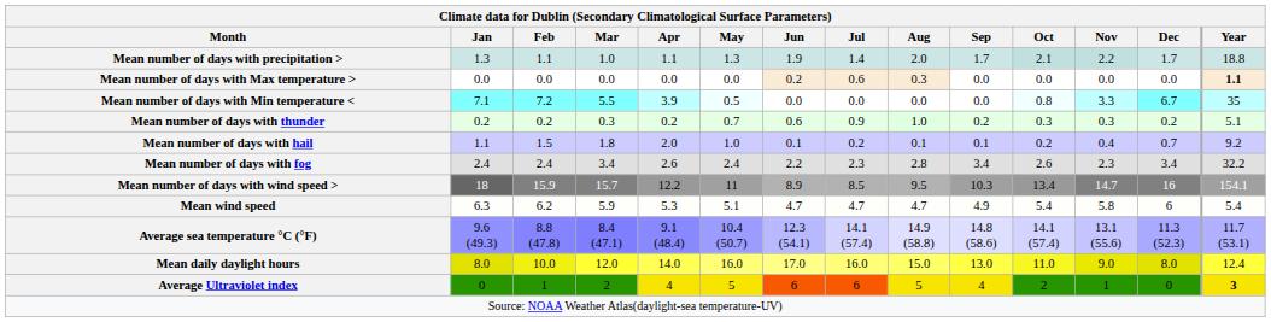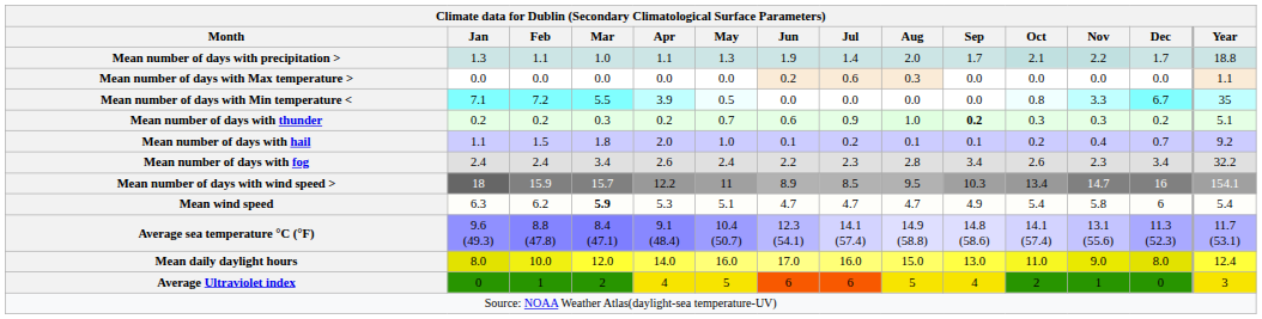 <table class="wikitable mw-collapsible" style="width:100%;text-align:center;line-height:1.2em;margin-left:auto;margin-right:auto">
 <tr>
 <th colspan="14">Climate data for Dublin (Secondary Climatological Surface Parameters)</th>
 </tr>
 <tr>
 <th>Month</th>
 <th>Jan</th>
 <th>Feb</th>
 <th>Mar</th>
 <th>Apr</th>
 <th>May</th>
 <th>Jun</th>
 <th>Jul</th>
 <th>Aug</th>
 <th>Sep</th>
 <th>Oct</th>
 <th>Nov</th>
 <th>Dec</th>
 <th style="border-left-width:medium">Year</th>
 </tr>
 <tr>
 <th>Mean number of days with precipitation > </th>
 <td style="background:#CCE5E5;color:#000000;">1.3</td>
 <td style="background:#CCE5E5;color:#000000;">1.1</td>
 <td style="background:#CCE5E5;color:#000000;">1.0</td>
 <td style="background:#CCE5E5;color:#000000;">1.1</td>
 <td style="background:#CCE5E5;color:#000000;">1.3</td>
 <td style="background:#CCE5E5;color:#000000;">1.9</td>
 <td style="background:#CCE5E5;color:#000000;">1.4</td>
 <td style="background:#CCE5E5;color:#000000;">2.0</td>
 <td style="background:#CCE5E5;color:#000000;">1.7</td>
 <td style="background:#C0E0E0;color:#000000;">2.1</td>
 <td style="background:#C0E0E0;color:#000000;">2.2</td>
 <td style="background:#CCE5E5;color:#000000;">1.7</td>
 <td style="background:#CCE5E5;color:#000000;border-left-width:medium">18.8</td>
 </tr>
 <tr>
 <th>Mean number of days with Max temperature > </th>
 <td style="background:#ffffff;color:#000000;">0.0</td>
 <td style="background:#ffffff;color:#000000;">0.0</td>
 <td style="background:#ffffff;color:#000000;">0.0</td>
 <td style="background:#ffffff;color:#000000;">0.0</td>
 <td style="background:#ffffff;color:#000000;">0.0</td>
 <td style="background:#FAEBD7;color:#000000;">0.2</td>
 <td style="background:#FAEBD7;color:#000000;">0.6</td>
 <td style="background:#FAEBD7;color:#000000;">0.3</td>
 <td style="background:#ffffff;color:#000000;">0.0</td>
 <td style="background:#ffffff;color:#000000;">0.0</td>
 <td style="background:#ffffff;color:#000000;">0.0</td>
 <td style="background:#ffffff;color:#000000;">0.0</td>
-<td style="background:#FAEBD7;color:#000000;border-left-width:medium"><strong>1.1</strong></td>
+<td style="background:#FAEBD7;color:#000000;border-left-width:medium">1.1</td>
 </tr>
 <tr>
 <th>Mean number of days with Min temperature < </th>
 <td style="background:#80FFFF;color:#000000;">7.1</td>
 <td style="background:#80FFFF;color:#000000;">7.2</td>
 <td style="background:#80FFFF;color:#000000;">5.5</td>
 <td style="background:#C0FFFF;color:#000000;">3.9</td>
 <td style="background:#F0FFFF;color:#000000;">0.5</td>
 <td style="background:#FFFFFF;color:#000000;">0.0</td>
 <td style="background:#FFFFFF;color:#000000;">0.0</td>
 <td style="background:#FFFFFF;color:#000000;">0.0</td>
 <td style="background:#FFFFFF;color:#000000;">0.0</td>
 <td style="background:#F0FFFF;color:#000000;">0.8</td>
 <td style="background:#C0FFFF;color:#000000;">3.3</td>
 <td style="background:#80FFFF;color:#000000;">6.7</td>
 <td style="background:#C0FFFF;color:#000000;border-left-width:medium">35</td>
 </tr>
 <tr>
 <th>Mean number of days with <a href='#'>thunder</a></th>
 <td style="background:#E5FFE5;color:#000000;">0.2</td>
 <td style="background:#E5FFE5;color:#000000;">0.2</td>
 <td style="background:#E5FFE5;color:#000000;">0.3</td>
 <td style="background:#E5FFE5;color:#000000;">0.2</td>
 <td style="background:#E5FFE5;color:#000000;">0.7</td>
 <td style="background:#E5FFE5;color:#000000;">0.6</td>
 <td style="background:#E5FFE5;color:#000000;">0.9</td>
 <td style="background:#E0FFE0;color:#000000;">1.0</td>
-<td style="background:#E5FFE5;color:#000000;">0.2</td>
+<td style="background:#E5FFE5;color:#000000;"><strong>0.2</strong></td>
 <td style="background:#E5FFE5;color:#000000;">0.3</td>
 <td style="background:#E5FFE5;color:#000000;">0.3</td>
 <td style="background:#E5FFE5;color:#000000;">0.2</td>
 <td style="background:#E5FFE5;color:#000000;border-left-width:medium">5.1</td>
 </tr>
 <tr>
 <th>Mean number of days with <a href='#'>hail</a></th>
 <td style="background:#CCCCFF;color:#000000;">1.1</td>
 <td style="background:#CCCCFF;color:#000000;">1.5</td>
 <td style="background:#CCCCFF;color:#000000;">1.8</td>
 <td style="background:#CCCCFF;color:#000000;">2.0</td>
 <td style="background:#CCCCFF;color:#000000;">1.0</td>
 <td style="background:#CCCCFF;color:#000000;">0.1</td>
 <td style="background:#CCCCFF;color:#000000;">0.2</td>
 <td style="background:#CCCCFF;color:#000000;">0.1</td>
 <td style="background:#CCCCFF;color:#000000;">0.1</td>
 <td style="background:#CCCCFF;color:#000000;">0.2</td>
 <td style="background:#CCCCFF;color:#000000;">0.4</td>
 <td style="background:#CCCCFF;color:#000000;">0.7</td>
 <td style="background:#CCCCFF;color:#000000;border-left-width:medium">9.2</td>
 </tr>
 <tr>
 <th>Mean number of days with <a href='#'>fog</a></th>
 <td style="background:#E0E0E0;color:#000000;">2.4</td>
 <td style="background:#E0E0E0;color:#000000;">2.4</td>
 <td style="background:#E0E0E0;color:#000000;">3.4</td>
 <td style="background:#E0E0E0;color:#000000;">2.6</td>
 <td style="background:#E0E0E0;color:#000000;">2.4</td>
 <td style="background:#E0E0E0;color:#000000;">2.2</td>
 <td style="background:#E0E0E0;color:#000000;">2.3</td>
 <td style="background:#E0E0E0;color:#000000;">2.8</td>
 <td style="background:#E0E0E0;color:#000000;">3.4</td>
 <td style="background:#E0E0E0;color:#000000;">2.6</td>
 <td style="background:#E0E0E0;color:#000000;">2.3</td>
 <td style="background:#E0E0E0;color:#000000;">3.4</td>
 <td style="background:#E0E0E0;color:#000000;border-left-width:medium">32.2</td>
 </tr>
 <tr>
 <th>Mean number of days with wind speed > </th>
 <td style="background:#666666;color:#FFFFFF;">18</td>
 <td style="background:#808080;color:#FFFFFF;">15.9</td>
 <td style="background:#808080;color:#FFFFFF;">15.7</td>
 <td style="background:#999999;color:#000000;">12.2</td>
 <td style="background:#A0A0A0;color:#000000;">11</td>
 <td style="background:#B2B2B2;color:#000000;">8.9</td>
 <td style="background:#B2B2B2;color:#000000;">8.5</td>
 <td style="background:#B2B2B2;color:#000000;">9.5</td>
 <td style="background:#A0A0A0;color:#000000;">10.3</td>
 <td style="background:#999999;color:#000000;">13.4</td>
 <td style="background:#808080;color:#FFFFFF;">14.7</td>
 <td style="background:#808080;color:#FFFFFF;">16</td>
 <td style="background:#A0A0A0;color:#FFFFFF;border-left-width:medium">154.1</td>
 </tr>
 <tr>
 <th>Mean wind speed</th>
 <td style="background:#FEFEFA;color:#000000;">6.3</td>
 <td style="background:#FEFEFA;color:#000000;">6.2</td>
-<td style="background:#FEFEFA;color:#000000;">5.9</td>
+<td style="background:#FEFEFA;color:#000000;"><strong>5.9</strong></td>
 <td style="background:#FEFEFA;color:#000000;">5.3</td>
 <td style="background:#FEFEFA;color:#000000;">5.1</td>
 <td style="background:#FEFEFA;color:#000000;">4.7</td>
 <td style="background:#FEFEFA;color:#000000;">4.7</td>
 <td style="background:#FEFEFA;color:#000000;">4.7</td>
 <td style="background:#FEFEFA;color:#000000;">4.9</td>
 <td style="background:#FEFEFA;color:#000000;">5.4</td>
 <td style="background:#FEFEFA;color:#000000;">5.8</td>
 <td style="background:#FEFEFA;color:#000000;">6</td>
 <td style="background:#FEFEFA;color:#000000;border-left-width:medium">5.4</td>
 </tr>
 <tr>
 <th>Average sea temperature °C (°F)</th>
 <td style="background:#9090FF;color:#000000;">9.6<br>(49.3)</td>
 <td style="background:#8484FF;color:#000000;">8.8<br>(47.8)</td>
 <td style="background:#7E7EFF;color:#000000;">8.4<br>(47.1)</td>
 <td style="background:#8888FF;color:#000000;">9.1<br>(48.4)</td>
 <td style="background:#9C9CFF;color:#000000;">10.4<br>(50.7)</td>
 <td style="background:#B8B8FF;color:#000000;">12.3<br>(54.1)</td>
 <td style="background:#D3D3FF;color:#000000;">14.1<br>(57.4)</td>
 <td style="background:#DFDFFF;color:#000000;">14.9<br>(58.8)</td>
 <td style="background:#DEDEFF;color:#000000;">14.8<br>(58.6)</td>
 <td style="background:#D3D3FF;color:#000000;">14.1<br>(57.4)</td>
 <td style="background:#C4C4FF;color:#000000;">13.1<br>(55.6)</td>
 <td style="background:#A9A9FF;color:#000000;">11.3<br>(52.3)</td>
 <td style="background:#B0B0FF;color:#000000;border-left-width:medium">11.7<br>(53.1)</td>
 </tr>
 <tr>
 <th>Mean daily daylight hours</th>
 <td style="background:#E2E200;color:#000000;">8.0</td>
 <td style="background:#F0F011;color:#000000;">10.0</td>
 <td style="background:#FFFF33;color:#000000;">12.0</td>
 <td style="background:#FFFF55;color:#000000;">14.0</td>
 <td style="background:#FFFF77;color:#000000;">16.0</td>
 <td style="background:#FFFF88;color:#000000;">17.0</td>
 <td style="background:#FFFF77;color:#000000;">16.0</td>
 <td style="background:#FFFF66;color:#000000;">15.0</td>
 <td style="background:#FFFF44;color:#000000;">13.0</td>
 <td style="background:#F7F722;color:#000000;">11.0</td>
 <td style="background:#E9E900;color:#000000;">9.0</td>
 <td style="background:#E2E200;color:#000000;">8.0</td>
 <td style="background:#FFFF3A;color:#000000;border-left-width:medium">12.4</td>
 </tr>
 <tr>
 <th>Average <a href='#'>Ultraviolet index</a></th>
 <td style="background:#289500;color:#000000;">0</td>
 <td style="background:#289500;color:#000000;">1</td>
 <td style="background:#289500;color:#000000;">2</td>
 <td style="background:#f7e400;color:#000000;">4</td>
 <td style="background:#f7e400;color:#000000;">5</td>
 <td style="background:#f85900;color:#000000;">6</td>
 <td style="background:#f85900;color:#000000;">6</td>
 <td style="background:#f7e400;color:#000000;">5</td>
 <td style="background:#f7e400;color:#000000;">4</td>
 <td style="background:#289500;color:#000000;">2</td>
 <td style="background:#289500;color:#000000;">1</td>
 <td style="background:#289500;color:#000000;">0</td>
-<td style="background:#f7e400;color:#000000;border-left-width:medium"><strong>3</strong></td>
+<td style="background:#f7e400;color:#000000;border-left-width:medium">3</td>
 </tr>
 <tr>
 <th colspan="14" style="background:#f8f9fa;font-weight:normal;font-size:95%;">Source: <a href='#'>NOAA</a> Weather Atlas(daylight-sea temperature-UV)</th>
 </tr>
 </table>
